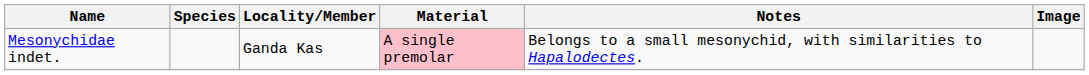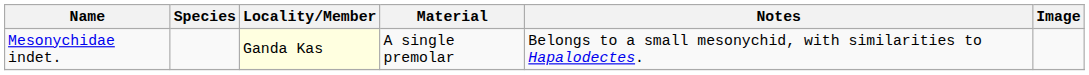 <table class="wikitable" align="center" width="75%">
 <tr>
 <th>Name</th>
 <th>Species</th>
 <th>Locality/Member</th>
 <th>Material</th>
 <th>Notes</th>
 <th>Image</th>
 </tr>
 <tr>
 <td><a href='#'>Mesonychidae</a> indet.</td>
 <td></td>
-<td>Ganda Kas</td>
-<td style="background: pink;">A single premolar</td>
+<td style="background: lightyellow;">Ganda Kas</td>
+<td>A single premolar</td>
 <td>Belongs to a small mesonychid, with similarities to <em><a href='#'>Hapalodectes</a></em>.</td>
 <td></td>
 </tr>
 <tr>
 </tr>
 </table>
